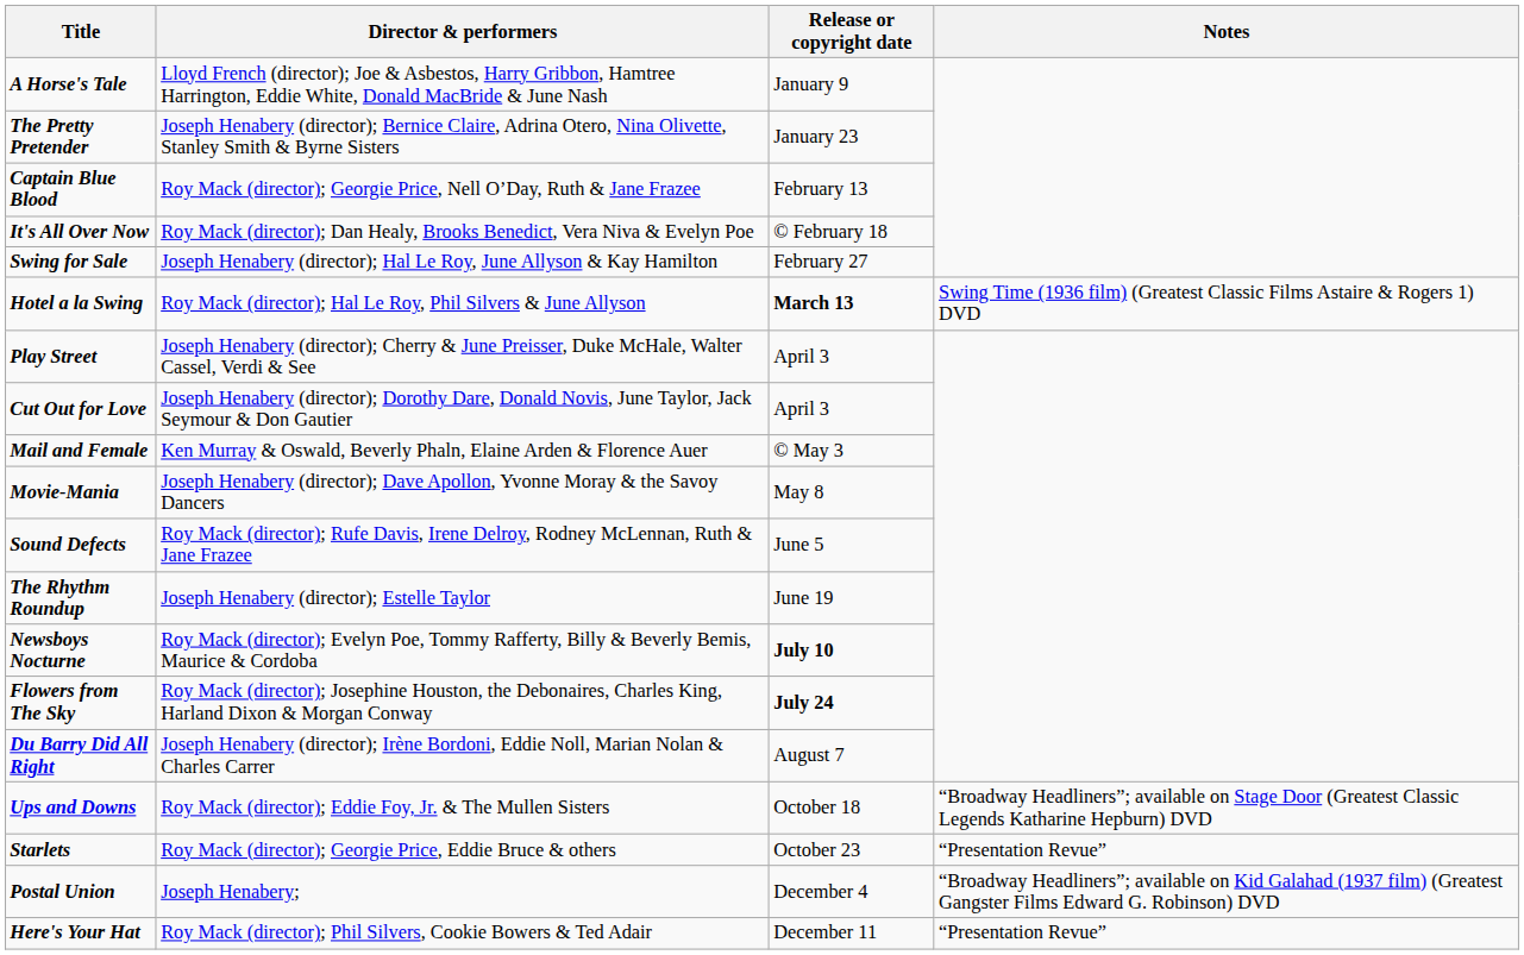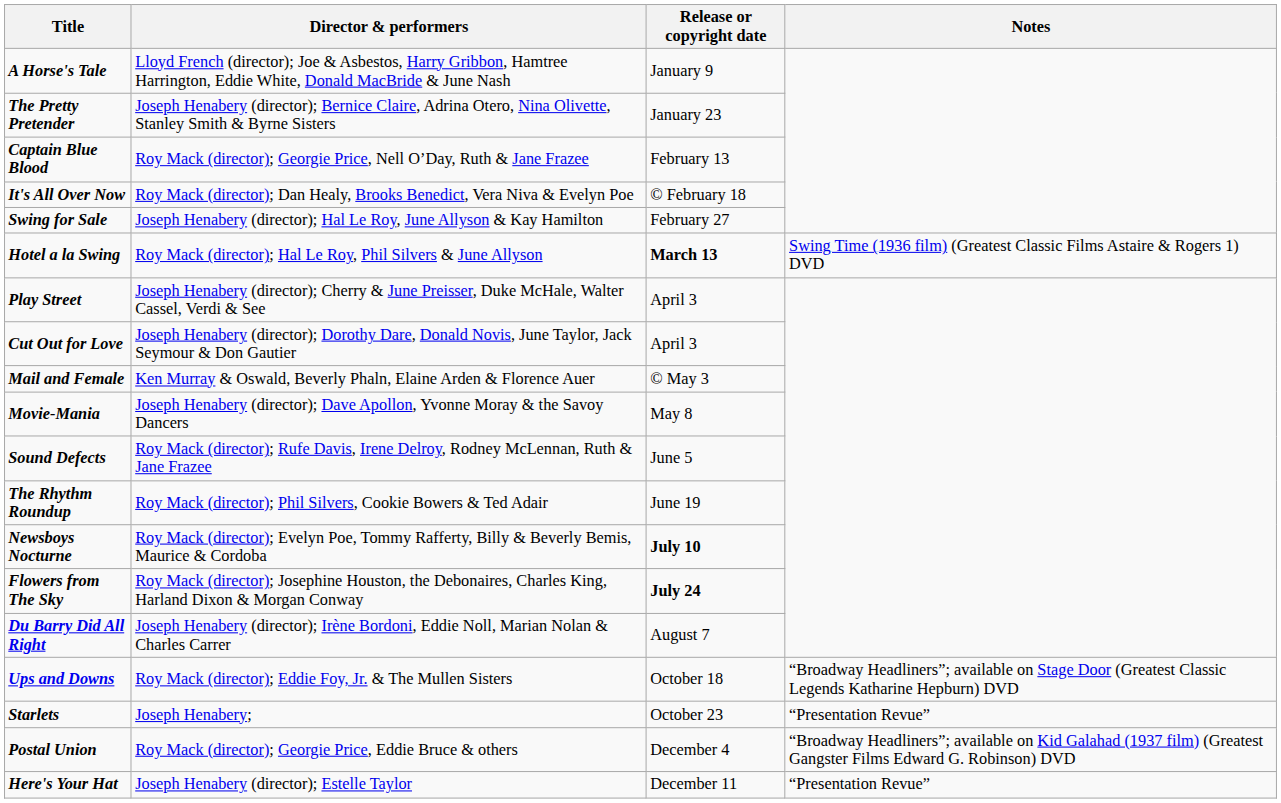 <table class="wikitable sortable" border="1">
 <tr>
 <th>Title</th>
 <th>Director & performers</th>
 <th>Release or copyright date</th>
 <th>Notes</th>
 </tr>
 <tr>
 <td><strong><em>A Horse's Tale</em></strong></td>
 <td><a href='#'>Lloyd French</a> (director); Joe & Asbestos, <a href='#'>Harry Gribbon</a>, Hamtree Harrington, Eddie White, <a href='#'>Donald MacBride</a> & June Nash</td>
 <td>January 9</td>
 </tr>
 <tr>
 <td><strong><em>The Pretty Pretender</em></strong></td>
 <td><a href='#'>Joseph Henabery</a> (director); <a href='#'>Bernice Claire</a>, Adrina Otero, <a href='#'>Nina Olivette</a>, Stanley Smith & Byrne Sisters</td>
 <td>January 23</td>
 </tr>
 <tr>
 <td><strong><em>Captain Blue Blood</em></strong></td>
 <td><a href='#'>Roy Mack (director)</a>; <a href='#'>Georgie Price</a>, Nell O’Day, Ruth & <a href='#'>Jane Frazee</a></td>
 <td>February 13</td>
 </tr>
 <tr>
 <td><strong><em>It's All Over Now</em></strong></td>
 <td><a href='#'>Roy Mack (director)</a>; Dan Healy, <a href='#'>Brooks Benedict</a>, Vera Niva & Evelyn Poe</td>
 <td>© February 18</td>
 </tr>
 <tr>
 <td><strong><em>Swing for Sale</em></strong></td>
 <td><a href='#'>Joseph Henabery</a> (director); <a href='#'>Hal Le Roy</a>, <a href='#'>June Allyson</a> & Kay Hamilton</td>
 <td>February 27</td>
 </tr>
 <tr>
 <td><strong><em>Hotel a la Swing</em></strong></td>
 <td><a href='#'>Roy Mack (director)</a>; <a href='#'>Hal Le Roy</a>, <a href='#'>Phil Silvers</a> & <a href='#'>June Allyson</a></td>
 <td><strong>March 13</strong></td>
 <td><a href='#'>Swing Time (1936 film)</a> (Greatest Classic Films Astaire & Rogers 1) DVD</td>
 </tr>
 <tr>
 <td><strong><em>Play Street</em></strong></td>
 <td><a href='#'>Joseph Henabery</a> (director); Cherry & <a href='#'>June Preisser</a>, Duke McHale, Walter Cassel, Verdi & See</td>
 <td>April 3</td>
 </tr>
 <tr>
 <td><strong><em>Cut Out for Love</em></strong></td>
 <td><a href='#'>Joseph Henabery</a> (director); <a href='#'>Dorothy Dare</a>, <a href='#'>Donald Novis</a>, June Taylor, Jack Seymour & Don Gautier</td>
 <td>April 3</td>
 </tr>
 <tr>
 <td><strong><em>Mail and Female</em></strong></td>
 <td><a href='#'>Ken Murray</a> & Oswald, Beverly Phaln, Elaine Arden & Florence Auer</td>
 <td>© May 3</td>
 </tr>
 <tr>
 <td><strong><em>Movie-Mania</em></strong></td>
 <td><a href='#'>Joseph Henabery</a> (director); <a href='#'>Dave Apollon</a>, Yvonne Moray & the Savoy Dancers</td>
 <td>May 8</td>
 </tr>
 <tr>
 <td><strong><em>Sound Defects</em></strong></td>
 <td><a href='#'>Roy Mack (director)</a>; <a href='#'>Rufe Davis</a>, <a href='#'>Irene Delroy</a>, Rodney McLennan, Ruth & <a href='#'>Jane Frazee</a></td>
 <td>June 5</td>
 </tr>
 <tr>
 <td><strong><em>The Rhythm Roundup</em></strong></td>
-<td><a href='#'>Joseph Henabery</a> (director); <a href='#'>Estelle Taylor</a></td>
+<td><a href='#'>Roy Mack (director)</a>; <a href='#'>Phil Silvers</a>, Cookie Bowers & Ted Adair</td>
 <td>June 19</td>
 </tr>
 <tr>
 <td><strong><em>Newsboys Nocturne</em></strong></td>
 <td><a href='#'>Roy Mack (director)</a>; Evelyn Poe, Tommy Rafferty, Billy & Beverly Bemis, Maurice & Cordoba</td>
 <td><strong>July 10</strong></td>
 </tr>
 <tr>
 <td><strong><em>Flowers from The Sky</em></strong></td>
 <td><a href='#'>Roy Mack (director)</a>; Josephine Houston, the Debonaires, Charles King, Harland Dixon & Morgan Conway</td>
 <td><strong>July 24</strong></td>
 </tr>
 <tr>
 <td><strong><em><a href='#'>Du Barry Did All Right</a></em></strong></td>
 <td><a href='#'>Joseph Henabery</a> (director); <a href='#'>Irène Bordoni</a>, Eddie Noll, Marian Nolan & Charles Carrer</td>
 <td>August 7</td>
 </tr>
 <tr>
 <td><strong><em><a href='#'>Ups and Downs</a></em></strong></td>
 <td><a href='#'>Roy Mack (director)</a>; <a href='#'>Eddie Foy, Jr.</a> & The Mullen Sisters</td>
 <td>October 18</td>
 <td>“Broadway Headliners”; available on <a href='#'>Stage Door</a> (Greatest Classic Legends Katharine Hepburn) DVD</td>
 </tr>
 <tr>
 <td><strong><em>Starlets</em></strong></td>
-<td><a href='#'>Roy Mack (director)</a>; <a href='#'>Georgie Price</a>, Eddie Bruce & others</td>
+<td><a href='#'>Joseph Henabery</a>;</td>
 <td>October 23</td>
 <td>“Presentation Revue”</td>
 </tr>
 <tr>
 <td><strong><em>Postal Union</em></strong></td>
-<td><a href='#'>Joseph Henabery</a>;</td>
+<td><a href='#'>Roy Mack (director)</a>; <a href='#'>Georgie Price</a>, Eddie Bruce & others</td>
 <td>December 4</td>
 <td>“Broadway Headliners”; available on <a href='#'>Kid Galahad (1937 film)</a> (Greatest Gangster Films Edward G. Robinson) DVD</td>
 </tr>
 <tr>
 <td><strong><em>Here's Your Hat</em></strong></td>
-<td><a href='#'>Roy Mack (director)</a>; <a href='#'>Phil Silvers</a>, Cookie Bowers & Ted Adair</td>
+<td><a href='#'>Joseph Henabery</a> (director); <a href='#'>Estelle Taylor</a></td>
 <td>December 11</td>
 <td>“Presentation Revue”</td>
 </tr>
 </table>
